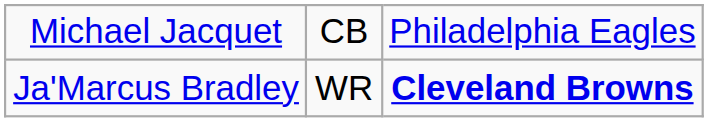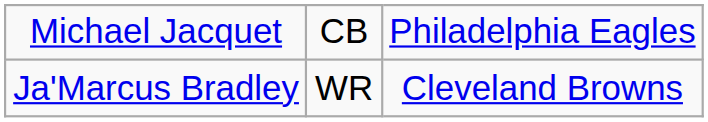 <table class="wikitable" style="text-align:center">
 <tr>
 <td><a href='#'>Michael Jacquet</a></td>
 <td>CB</td>
 <td><a href='#'>Philadelphia Eagles</a></td>
 </tr>
 <tr>
 <td><a href='#'>Ja'Marcus Bradley</a></td>
 <td>WR</td>
-<td><strong><a href='#'>Cleveland Browns</a></strong></td>
+<td><a href='#'>Cleveland Browns</a></td>
 </tr>
 </table>
